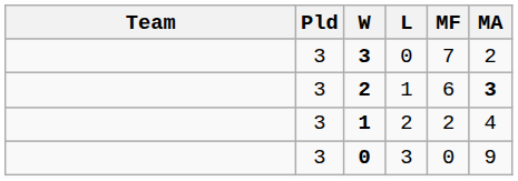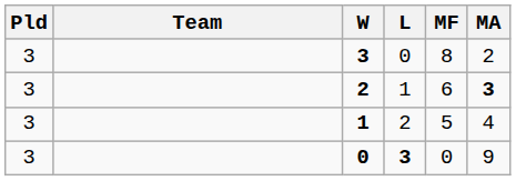 <table class=wikitable style="text-align:center">
 <tr>
+<th width=20>Pld</th>
 <th width=175>Team</th>
-<th width=20>Pld</th>
 <th width=20>W</th>
 <th width=20>L</th>
 <th width=20>MF</th>
 <th width=20>MA</th>
 </tr>
 <tr>
+<td>3</td>
 <td style="text-align:left"></td>
-<td>3</td>
 <td><strong>3</strong></td>
 <td>0</td>
-<td>7</td>
+<td>8</td>
 <td>2</td>
 </tr>
 <tr>
+<td>3</td>
 <td style="text-align:left"></td>
-<td>3</td>
 <td><strong>2</strong></td>
 <td>1</td>
 <td>6</td>
 <td><strong>3</strong></td>
 </tr>
 <tr>
+<td>3</td>
 <td style="text-align:left"></td>
-<td>3</td>
 <td><strong>1</strong></td>
 <td>2</td>
-<td>2</td>
+<td>5</td>
 <td>4</td>
 </tr>
 <tr>
+<td>3</td>
 <td style="text-align:left"></td>
-<td>3</td>
 <td><strong>0</strong></td>
-<td>3</td>
+<td><strong>3</strong></td>
 <td>0</td>
 <td>9</td>
 </tr>
 </table>
